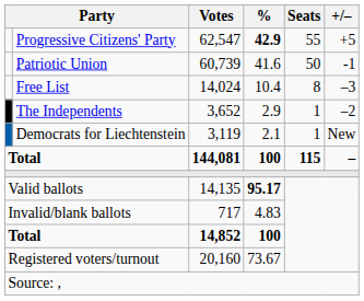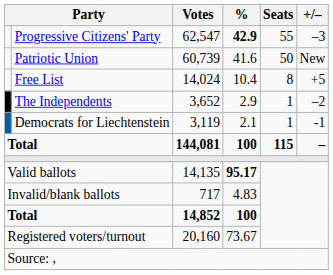 <table class=wikitable style=text-align:right>
 <tr>
 <th colspan="2">Party</th>
 <th>Votes</th>
 <th>%</th>
 <th>Seats</th>
 <th>+/–</th>
 </tr>
 <tr>
 <td width="1"></td>
 <td align="left"><a href='#'>Progressive Citizens' Party</a></td>
 <td>62,547</td>
 <td><strong>42.9</strong></td>
 <td>55</td>
-<td>+5</td>
+<td>–3</td>
 </tr>
 <tr>
 <td width="1"></td>
 <td align="left"><a href='#'>Patriotic Union</a></td>
 <td>60,739</td>
 <td>41.6</td>
 <td>50</td>
-<td>-1</td>
+<td>New</td>
 </tr>
 <tr>
 <td width="1"></td>
 <td align="left"><a href='#'>Free List</a></td>
 <td>14,024</td>
 <td>10.4</td>
 <td>8</td>
-<td>–3</td>
+<td>+5</td>
 </tr>
 <tr>
 <td width="1" bgcolor="black"></td>
 <td align="left"><a href='#'>The Independents</a></td>
 <td>3,652</td>
 <td>2.9</td>
 <td>1</td>
 <td>–2</td>
 </tr>
 <tr>
 <td width="1" bgcolor="#005EA8"></td>
 <td align="left">Democrats for Liechtenstein</td>
 <td>3,119</td>
 <td>2.1</td>
 <td>1</td>
-<td>New</td>
+<td>-1</td>
 </tr>
 <tr>
 <td colspan="2" align="left"><strong>Total</strong></td>
 <td><strong>144,081</strong></td>
 <td><strong>100</strong></td>
 <td><strong>115</strong></td>
 <td><strong>–</strong></td>
 </tr>
 <tr>
 <td colspan="6" style="color:inherit;background:#E9E9E9"></td>
 </tr>
 <tr>
 <td colspan="2" align="left">Valid ballots</td>
 <td>14,135</td>
 <td><strong>95.17</strong></td>
 <td colspan="2" rowspan="4"></td>
 </tr>
 <tr>
 <td colspan=2 align=left>Invalid/blank ballots</td>
 <td>717</td>
 <td>4.83</td>
 </tr>
 <tr>
 <td colspan=2 align=left><strong>Total</strong></td>
 <td><strong>14,852</strong></td>
 <td><strong>100</strong></td>
 </tr>
 <tr>
 <td colspan=2 align=left>Registered voters/turnout</td>
 <td>20,160</td>
 <td>73.67</td>
 </tr>
 <tr>
 <td colspan="6" align="left">Source: , </td>
 </tr>
 </table>
